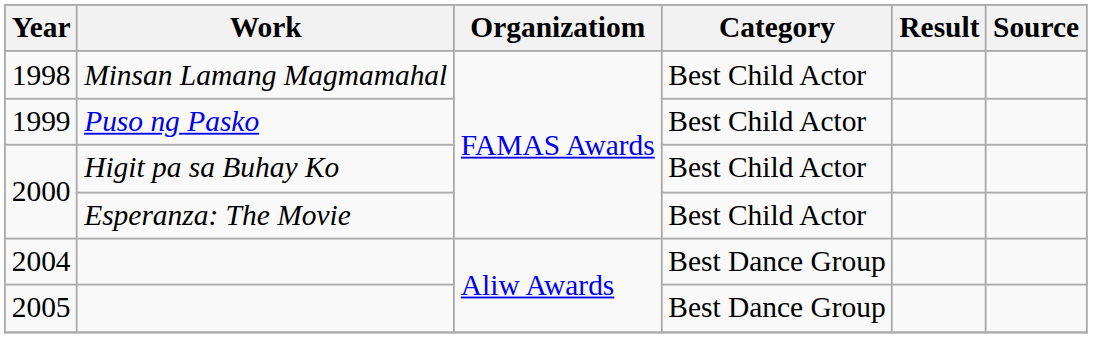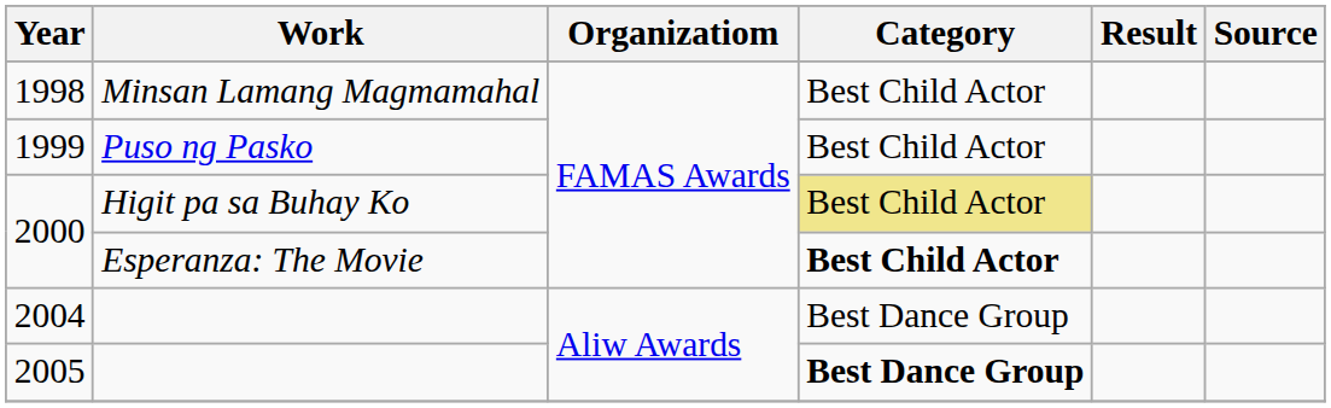 <table class="wikitable">
 <tr>
 <th>Year</th>
 <th>Work</th>
 <th>Organizatiom</th>
 <th>Category</th>
 <th>Result</th>
 <th>Source </th>
 </tr>
 <tr>
 <td>1998</td>
 <td><em>Minsan Lamang Magmamahal</em></td>
 <td rowspan="4"><a href='#'>FAMAS Awards</a></td>
 <td>Best Child Actor</td>
 <td></td>
 <td></td>
 </tr>
 <tr>
 <td>1999</td>
 <td><em><a href='#'>Puso ng Pasko</a></em></td>
 <td>Best Child Actor</td>
 <td></td>
 <td></td>
 </tr>
 <tr>
 <td rowspan="2">2000</td>
 <td><em>Higit pa sa Buhay Ko</em></td>
-<td>Best Child Actor</td>
+<td style="background: khaki;">Best Child Actor</td>
 <td></td>
 <td></td>
 </tr>
 <tr>
 <td><em>Esperanza: The Movie</em></td>
-<td>Best Child Actor</td>
+<td><strong>Best Child Actor</strong></td>
 <td></td>
 <td></td>
 </tr>
 <tr>
 <td>2004</td>
 <td></td>
 <td rowspan="2"><a href='#'>Aliw Awards</a></td>
 <td>Best Dance Group</td>
 <td></td>
 <td></td>
 </tr>
 <tr>
 <td>2005</td>
 <td></td>
-<td>Best Dance Group</td>
+<td><strong>Best Dance Group</strong></td>
 <td></td>
 <td></td>
 </tr>
 <tr>
 </tr>
 </table>
